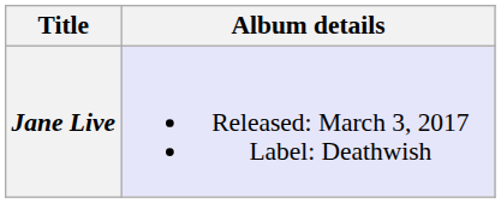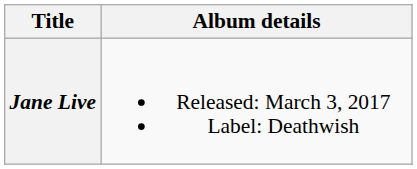 <table class="wikitable plainrowheaders" style="text-align:center;">
 <tr>
 <th>Title</th>
 <th width="225">Album details</th>
 </tr>
 <tr>
 <th scope="row"><em>Jane Live</em></th>
-<td style="background: lavender;"><br><ul><li>Released: March 3, 2017</li><li>Label: Deathwish</li></ul></td>
+<td><br><ul><li>Released: March 3, 2017</li><li>Label: Deathwish</li></ul></td>
 </tr>
 </table>
